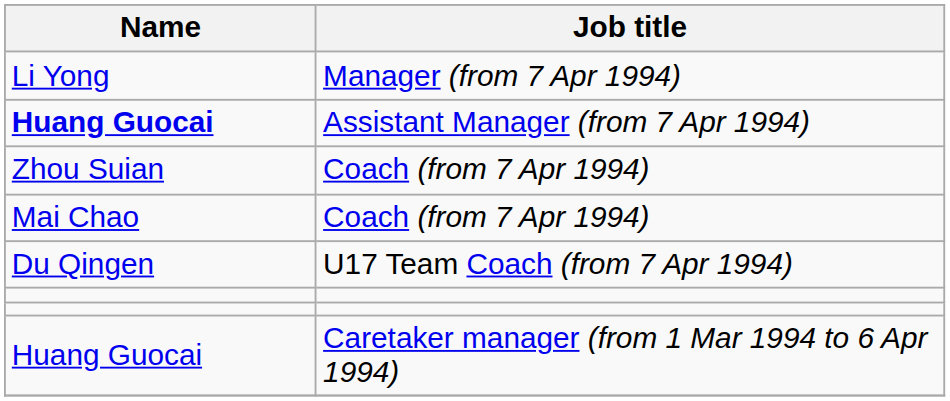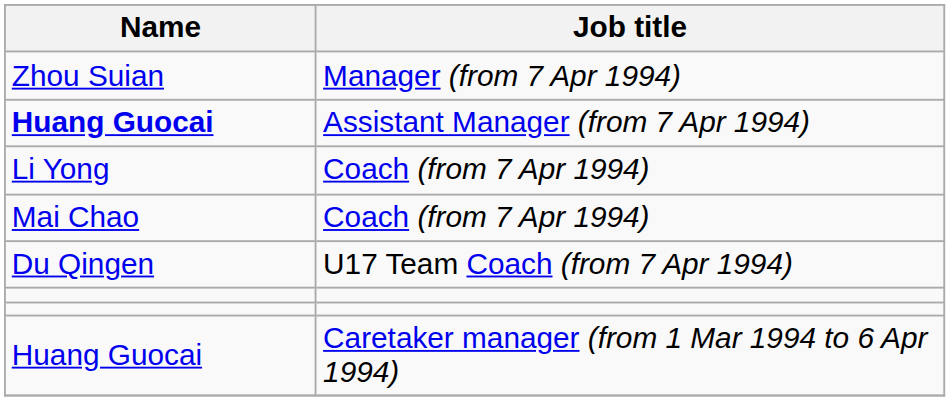 <table class="wikitable">
 <tr>
 <th width=160>Name</th>
 <th width=330>Job title</th>
 </tr>
 <tr>
-<td> <a href='#'>Li Yong</a></td>
+<td> <a href='#'>Zhou Suian</a></td>
 <td><a href='#'>Manager</a> <em>(from 7 Apr 1994)</em></td>
 </tr>
 <tr>
 <td><strong> <a href='#'>Huang Guocai</a></strong></td>
 <td><a href='#'>Assistant Manager</a> <em>(from 7 Apr 1994)</em></td>
 </tr>
 <tr>
-<td> <a href='#'>Zhou Suian</a></td>
+<td> <a href='#'>Li Yong</a></td>
 <td><a href='#'>Coach</a> <em>(from 7 Apr 1994)</em></td>
 </tr>
 <tr>
 <td> <a href='#'>Mai Chao</a></td>
 <td><a href='#'>Coach</a> <em>(from 7 Apr 1994)</em></td>
 </tr>
 <tr>
 <td> <a href='#'>Du Qingen</a></td>
 <td>U17 Team <a href='#'>Coach</a> <em>(from 7 Apr 1994)</em></td>
 </tr>
 <tr>
 <td></td>
 <td></td>
 </tr>
 <tr>
 <td></td>
 <td></td>
 </tr>
 <tr>
 <td> <a href='#'>Huang Guocai</a></td>
 <td><a href='#'>Caretaker manager</a> <em>(from 1 Mar 1994 to 6 Apr 1994)</em></td>
 </tr>
 <tr>
 </tr>
 </table>
